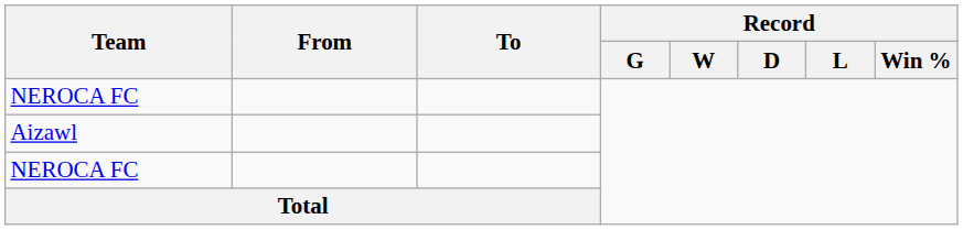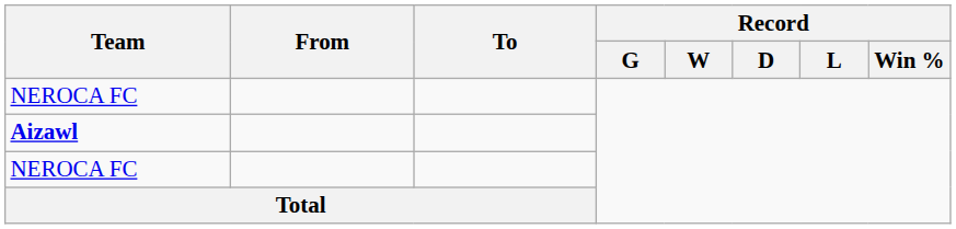 <table class="wikitable" style="text-align: center">
 <tr>
 <th rowspan=2! width=150>Team</th>
 <th rowspan=2! width=120>From</th>
 <th rowspan=2! width=120>To</th>
 <th colspan=7>Record</th>
 </tr>
 <tr>
 <th width=40>G</th>
 <th width=40>W</th>
 <th width=40>D</th>
 <th width=40>L</th>
 <th width=50>Win %</th>
 </tr>
 <tr>
 <td align=left> <a href='#'>NEROCA FC</a></td>
 <td align=left></td>
 <td align=left><br></td>
 </tr>
 <tr>
-<td align=left> <a href='#'>Aizawl</a></td>
+<td align=left><strong> <a href='#'>Aizawl</a></strong></td>
 <td align=left></td>
 <td align=left><br></td>
 </tr>
 <tr>
 <td align=left> <a href='#'>NEROCA FC</a></td>
 <td align=left></td>
 <td align=left><br></td>
 </tr>
 <tr>
 <th colspan="3">Total<br></th>
 </tr>
 </table>
